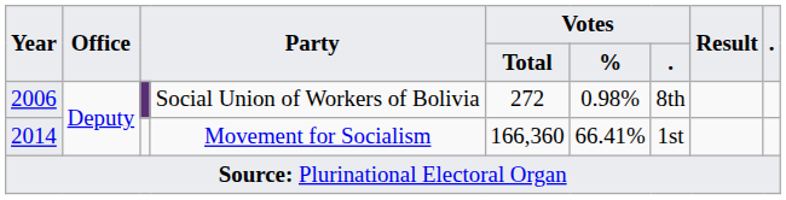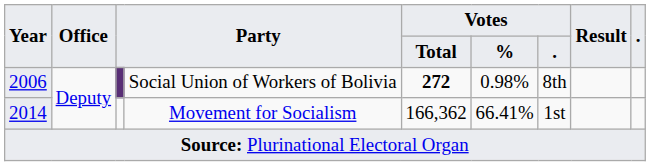 <table class="wikitable" style="font-size:90%; text-align:center;">
 <tr>
 <th style="background-color:#EAECF0;" rowspan=2>Year</th>
 <th style="background-color:#EAECF0;" rowspan=2>Office</th>
 <th style="background-color:#EAECF0;" colspan=2 rowspan=2>Party</th>
 <th style="background-color:#EAECF0;" colspan=3>Votes</th>
 <th style="background-color:#EAECF0;" rowspan=2>Result</th>
 <th style="background-color:#EAECF0;" rowspan=2>.</th>
 </tr>
 <tr>
 <th style="background-color:#EAECF0;">Total</th>
 <th style="background-color:#EAECF0;">%</th>
 <th style="background-color:#EAECF0;">.</th>
 </tr>
 <tr>
 <td style="background-color:#EAECF0;"><a href='#'>2006</a></td>
 <td rowspan=2><a href='#'>Deputy</a></td>
 <td style="background-color:#582E75;"></td>
 <td>Social Union of Workers of Bolivia</td>
-<td>272</td>
+<td><strong>272</strong></td>
 <td>0.98%</td>
 <td>8th</td>
 <td></td>
 <td></td>
 </tr>
 <tr>
 <td style="background-color:#EAECF0;"><a href='#'>2014</a></td>
 <td style="background-color:"></td>
 <td><a href='#'>Movement for Socialism</a></td>
-<td>166,360</td>
+<td>166,362</td>
 <td>66.41%</td>
 <td>1st</td>
 <td></td>
 <td></td>
 </tr>
 <tr>
 <td style="background-color:#EAECF0;" colspan=9><strong>Source:</strong> <a href='#'>Plurinational Electoral Organ</a>  </td>
 </tr>
 </table>
